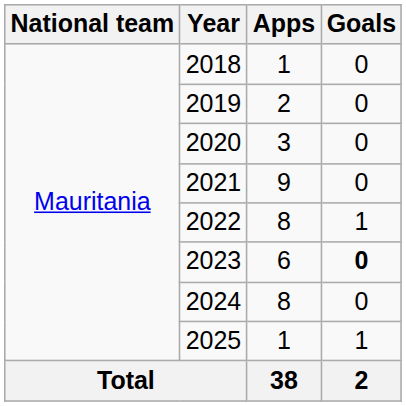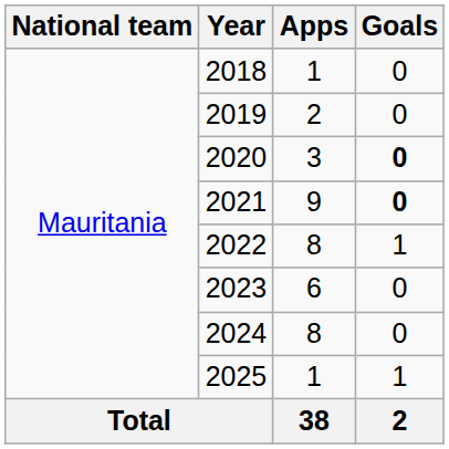 <table class="wikitable" style="text-align:center">
 <tr>
 <th>National team</th>
 <th>Year</th>
 <th>Apps</th>
 <th>Goals</th>
 </tr>
 <tr>
 <td rowspan="8"><a href='#'>Mauritania</a></td>
 <td>2018</td>
 <td>1</td>
 <td>0</td>
 </tr>
 <tr>
 <td>2019</td>
 <td>2</td>
 <td>0</td>
 </tr>
 <tr>
 <td>2020</td>
 <td>3</td>
-<td>0</td>
+<td><strong>0</strong></td>
 </tr>
 <tr>
 <td>2021</td>
 <td>9</td>
-<td>0</td>
+<td><strong>0</strong></td>
 </tr>
 <tr>
 <td>2022</td>
 <td>8</td>
 <td>1</td>
 </tr>
 <tr>
 <td>2023</td>
 <td>6</td>
-<td><strong>0</strong></td>
+<td>0</td>
 </tr>
 <tr>
 <td>2024</td>
 <td>8</td>
 <td>0</td>
 </tr>
 <tr>
 <td>2025</td>
 <td>1</td>
 <td>1</td>
 </tr>
 <tr>
 <th colspan="2">Total</th>
 <th>38</th>
 <th>2</th>
 </tr>
 </table>
